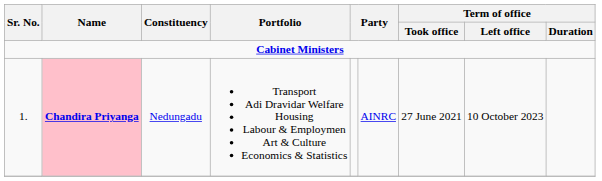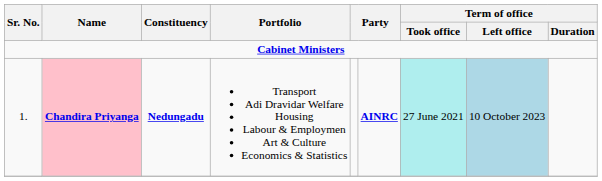 <table class="wikitable sortable" style="text-align:center;">
 <tr>
 <th rowspan = "2">Sr. No.</th>
 <th rowspan = "2">Name</th>
 <th rowspan = "2">Constituency</th>
 <th rowspan = "2">Portfolio</th>
 <th rowspan = "2" colspan="2" scope="col">Party</th>
 <th colspan="3">Term of office</th>
 </tr>
 <tr>
 <th>Took office</th>
 <th>Left office</th>
 <th>Duration</th>
 </tr>
 <tr>
 <td colspan="9" style="text-align: center;"><strong><a href='#'>Cabinet Ministers</a></strong></td>
 </tr>
 <tr>
 <td>1.</td>
 <td style="background: pink;"><strong><a href='#'>Chandira Priyanga</a></strong></td>
-<td><a href='#'>Nedungadu</a></td>
+<td><strong><a href='#'>Nedungadu</a></strong></td>
 <td><br><ul><li>Transport</li><li>Adi Dravidar Welfare</li><li>Housing</li><li>Labour & Employmen</li><li>Art & Culture</li><li>Economics & Statistics</li></ul></td>
 <td rowspan="1" width="4px"></td>
-<td rowspan="1"><a href='#'>AINRC</a></td>
-<td>27 June 2021</td>
-<td>10 October 2023</td>
+<td rowspan="1"><strong><a href='#'>AINRC</a></strong></td>
+<td style="background: paleturquoise;">27 June 2021</td>
+<td style="background: lightblue;">10 October 2023</td>
 <td></td>
 </tr>
 <tr>
 </tr>
 </table>
